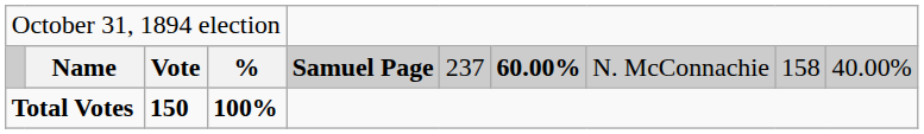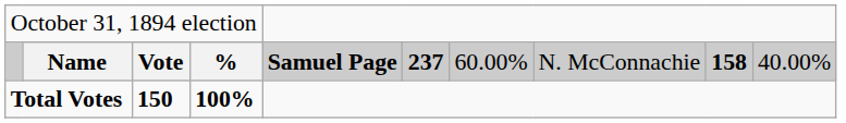 <table class="wikitable">
 <tr>
 <td colspan=4 align=center>October 31, 1894 election</td>
 </tr>
 <tr bgcolor="CCCCCC">
 <td></td>
 <th><strong>Name </strong></th>
 <th><strong>Vote</strong></th>
 <th><strong>%</strong><br></th>
 <td><strong>Samuel Page</strong></td>
-<td>237</td>
-<td><strong>60.00%<br></strong></td>
+<td><strong>237</strong></td>
+<td>60.00%<br></td>
 <td>N. McConnachie</td>
-<td>158</td>
+<td><strong>158</strong></td>
 <td>40.00%</td>
 </tr>
 <tr>
 <td colspan=2><strong>Total Votes</strong></td>
 <td><strong>150</strong></td>
 <td><strong>100%</strong></td>
 </tr>
 </table>
